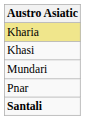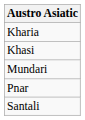 <table class="wikitable">
 <tr>
 <th>Austro Asiatic</th>
 </tr>
 <tr>
-<td style="background: khaki;">Kharia</td>
+<td>Kharia</td>
 </tr>
 <tr>
 <td>Khasi</td>
 </tr>
 <tr>
 <td>Mundari</td>
 </tr>
 <tr>
 <td>Pnar</td>
 </tr>
 <tr>
-<td><strong>Santali</strong></td>
+<td>Santali</td>
 </tr>
 </table>
